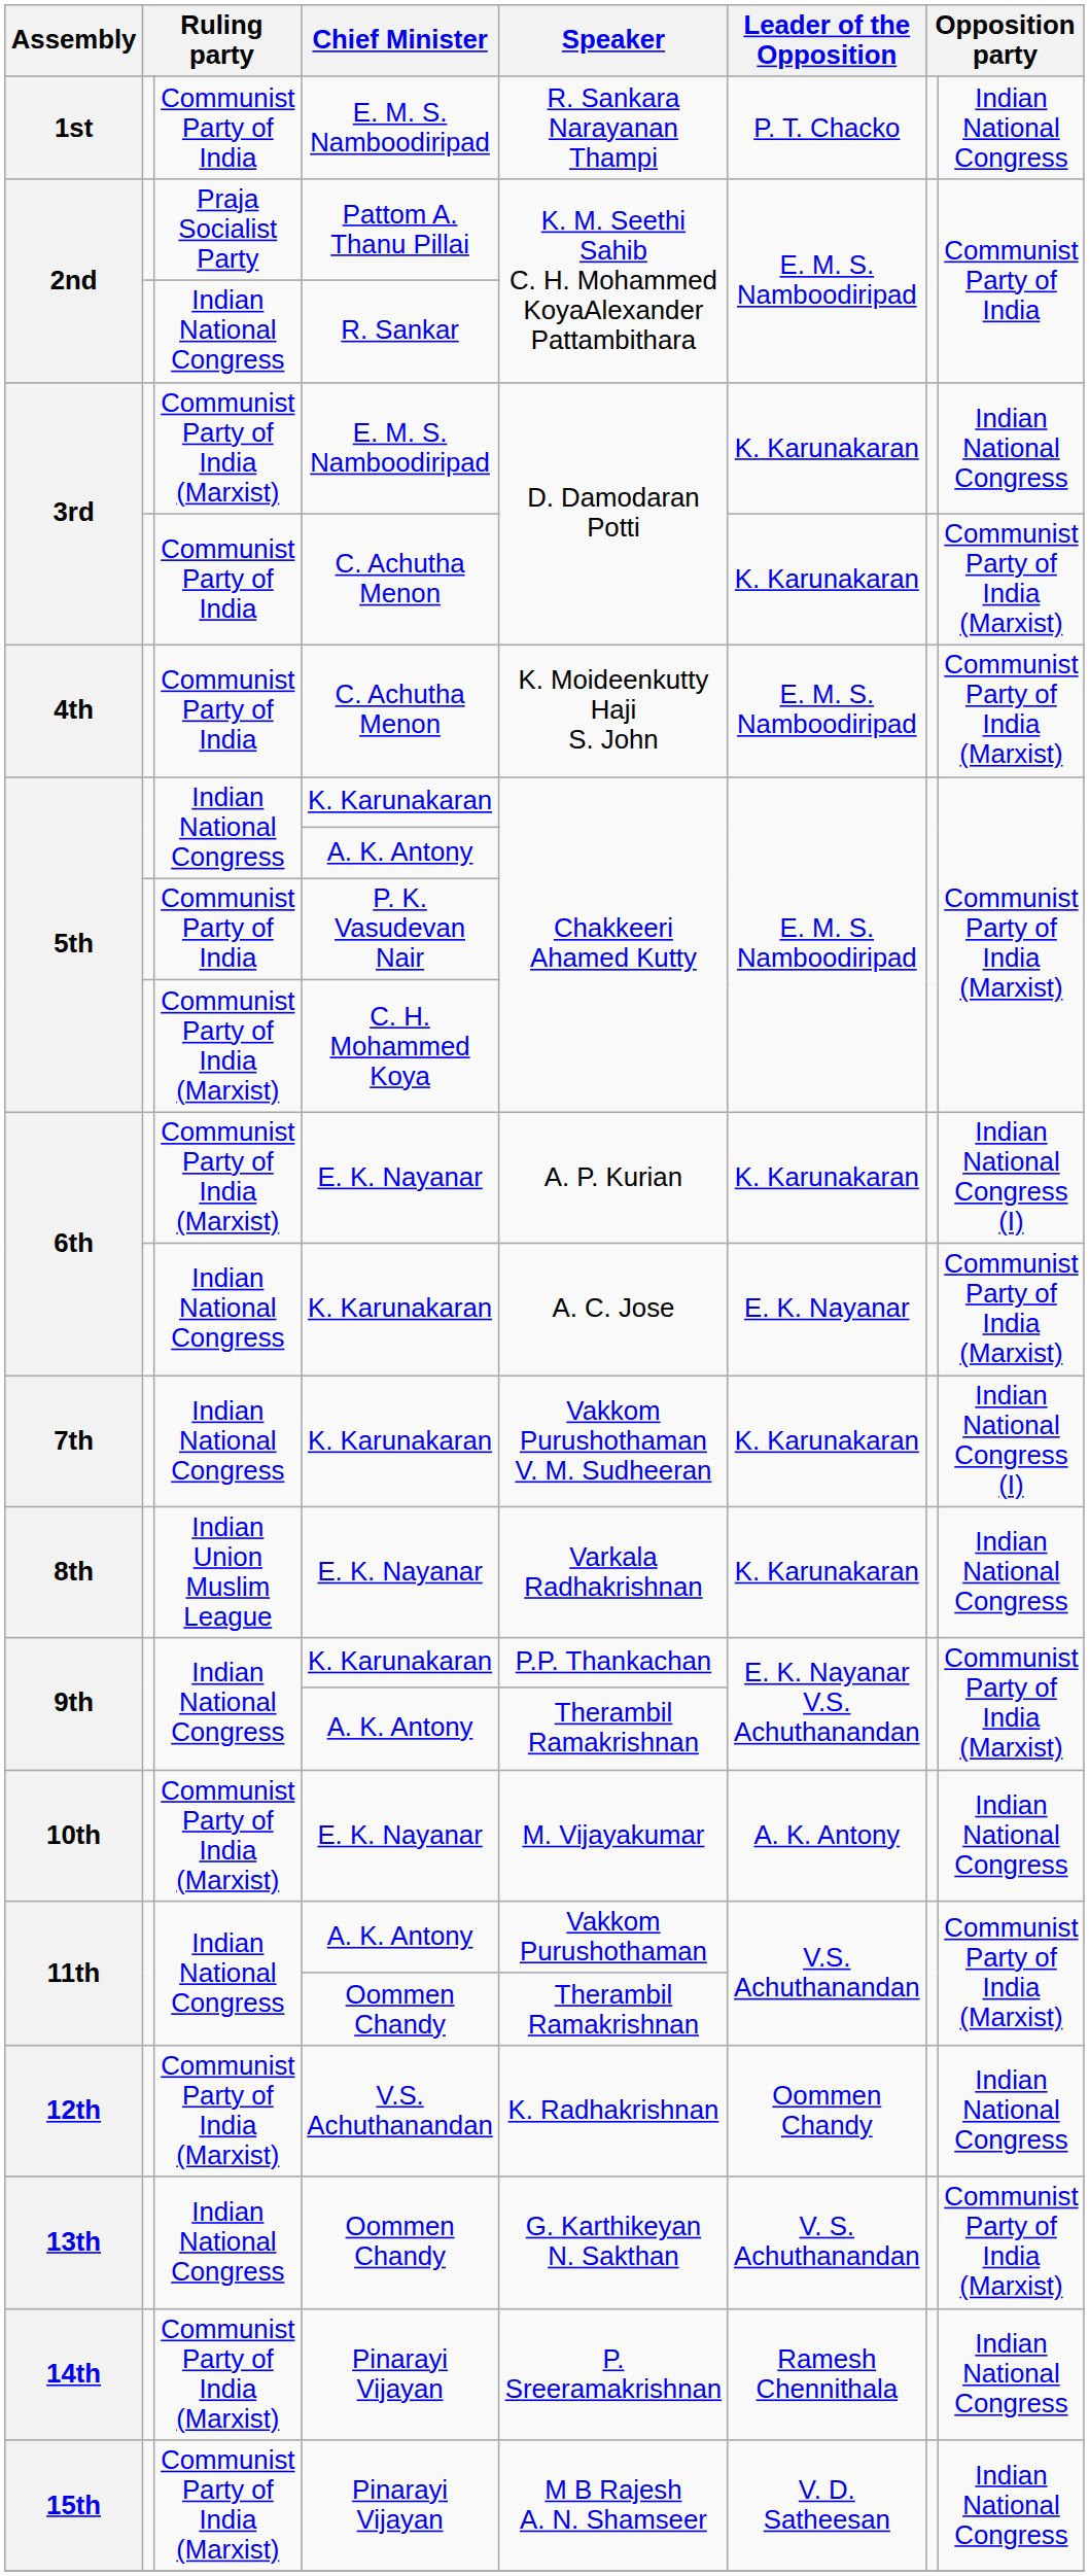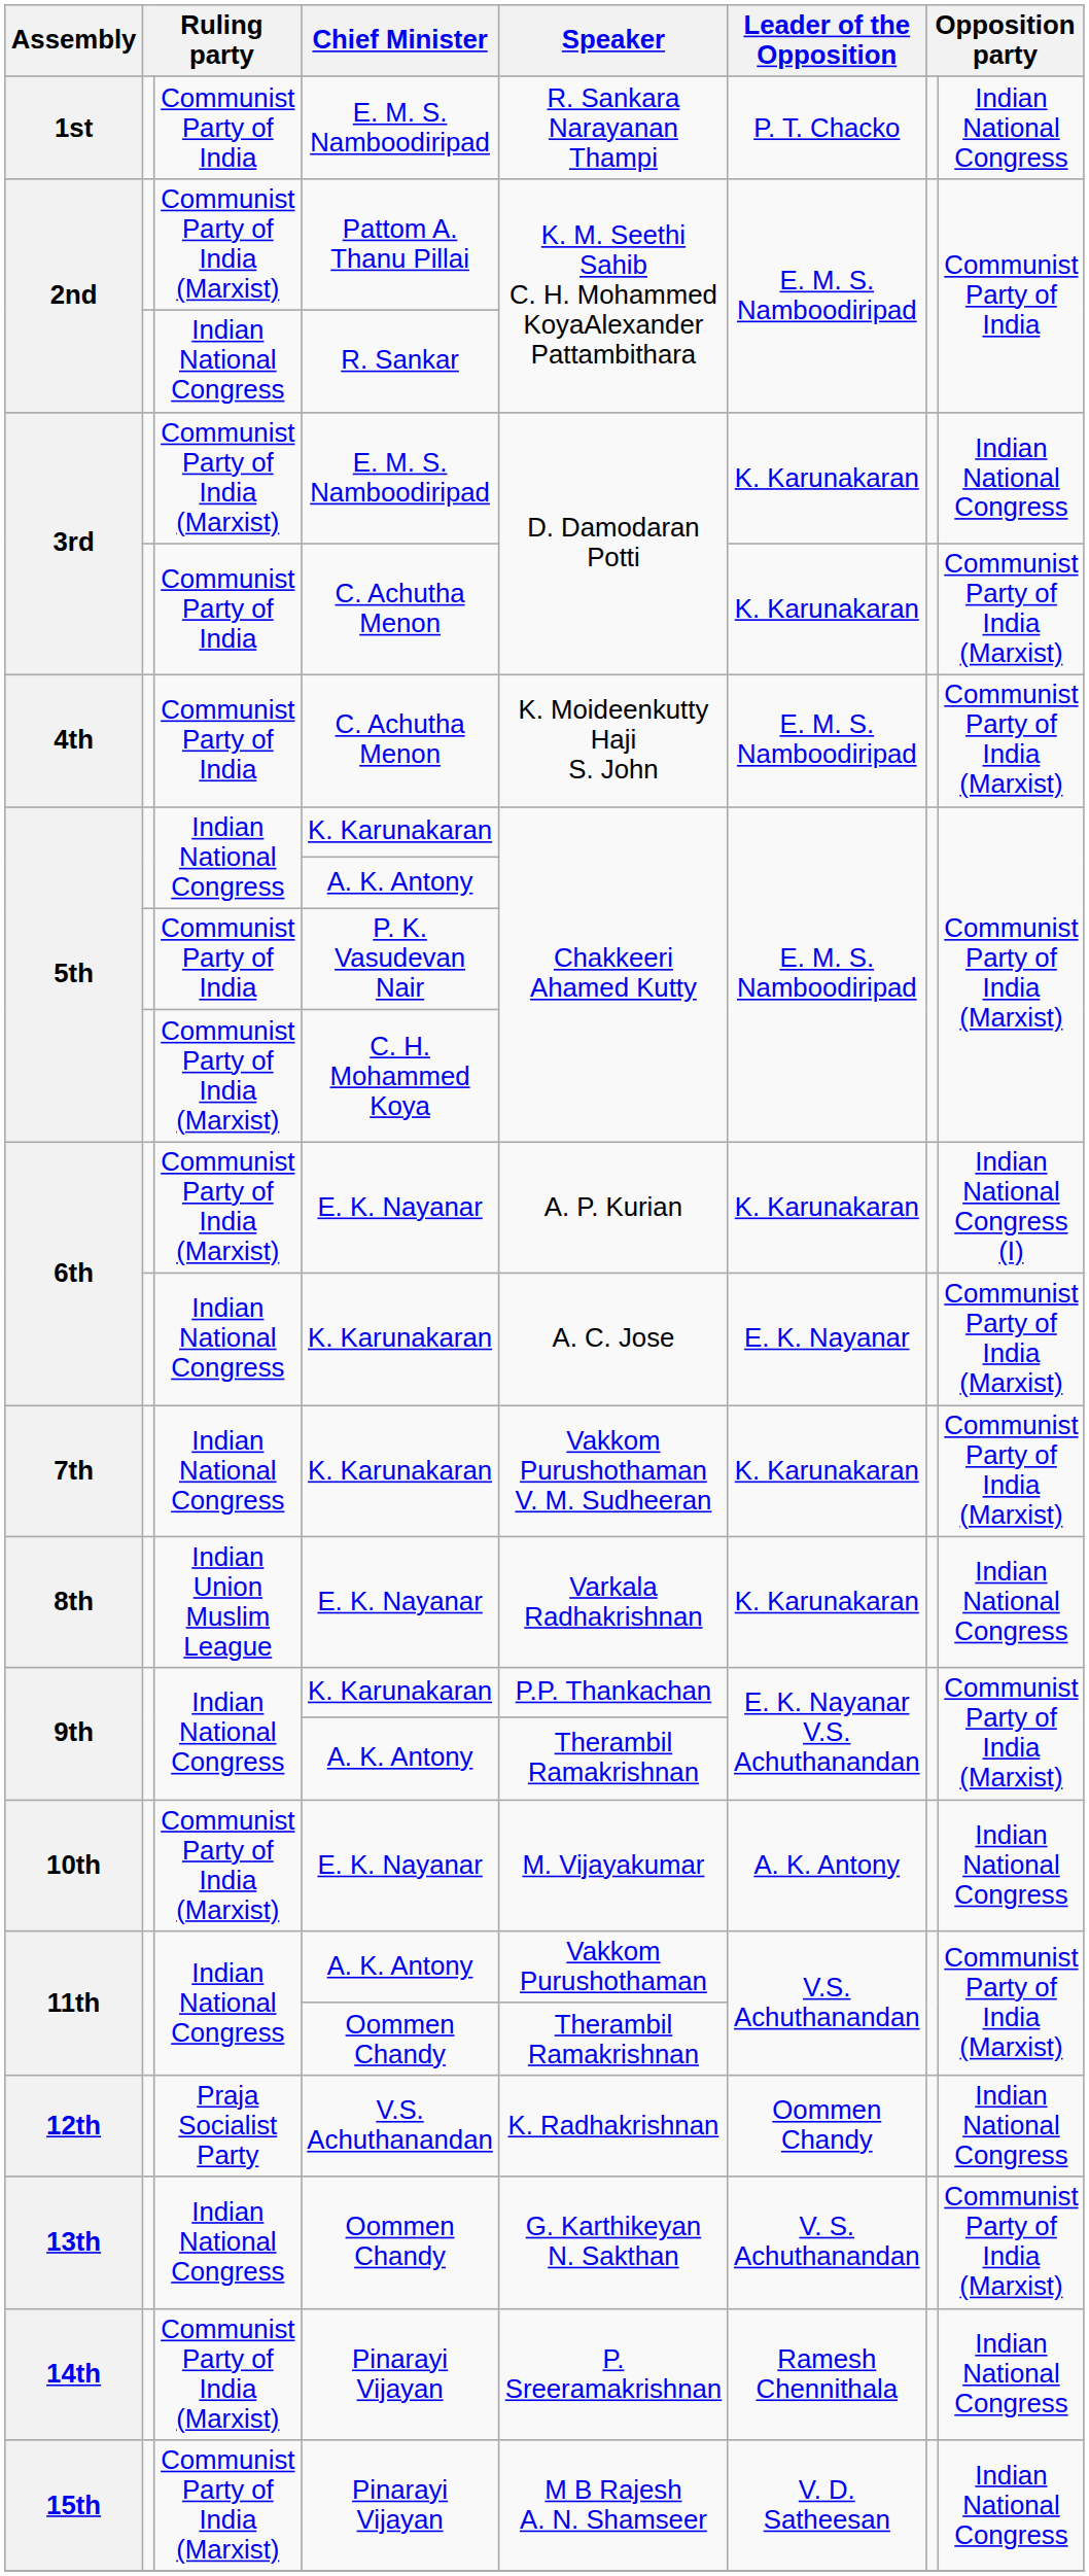 <table class="wikitable" style="text-align:center">
 <tr>
 <th>Assembly<br></th>
 <th colspan=2>Ruling party</th>
 <th><a href='#'>Chief Minister</a></th>
 <th><a href='#'>Speaker</a></th>
 <th><a href='#'>Leader of the Opposition</a></th>
 <th colspan=2>Opposition party</th>
 </tr>
 <tr>
 <th>1st <br></th>
 <td style="background:"></td>
 <td><a href='#'>Communist Party of India</a></td>
 <td><a href='#'>E. M. S. Namboodiripad</a></td>
 <td><a href='#'>R. Sankara Narayanan Thampi</a></td>
 <td><a href='#'>P. T. Chacko</a></td>
 <td style="background:"></td>
 <td><a href='#'>Indian National Congress</a></td>
 </tr>
 <tr>
 <th rowspan=2>2nd <br></th>
 <td style="background:"></td>
-<td><a href='#'>Praja Socialist Party</a></td>
+<td><a href='#'>Communist Party of India (Marxist)</a></td>
 <td><a href='#'>Pattom A. Thanu Pillai</a></td>
 <td rowspan=2><a href='#'>K. M. Seethi Sahib</a><br>C. H. Mohammed KoyaAlexander Pattambithara</td>
 <td rowspan=2><a href='#'>E. M. S. Namboodiripad</a></td>
 <td rowspan=2 style="background:"></td>
 <td rowspan=2><a href='#'>Communist Party of India</a></td>
 </tr>
 <tr>
 <td style="background:"></td>
 <td><a href='#'>Indian National Congress</a></td>
 <td><a href='#'>R. Sankar</a></td>
 </tr>
 <tr>
 <th rowspan=2>3rd <br></th>
 <td style="background:"></td>
 <td><a href='#'>Communist Party of India (Marxist)</a></td>
 <td><a href='#'>E. M. S. Namboodiripad</a></td>
 <td rowspan=2>D. Damodaran Potti</td>
 <td><a href='#'>K. Karunakaran</a></td>
 <td style="background:"></td>
 <td><a href='#'>Indian National Congress</a></td>
 </tr>
 <tr>
 <td style="background:"></td>
 <td><a href='#'>Communist Party of India</a></td>
 <td><a href='#'>C. Achutha Menon</a></td>
 <td><a href='#'>K. Karunakaran</a></td>
 <td style="background:"></td>
 <td><a href='#'>Communist Party of India (Marxist)</a></td>
 </tr>
 <tr>
 <th>4th <br></th>
 <td style="background:"></td>
 <td><a href='#'>Communist Party of India</a></td>
 <td><a href='#'>C. Achutha Menon</a></td>
 <td>K. Moideenkutty Haji<br>S. John</td>
 <td><a href='#'>E. M. S. Namboodiripad</a></td>
 <td style="background:"></td>
 <td><a href='#'>Communist Party of India (Marxist)</a></td>
 </tr>
 <tr>
 <th rowspan=4>5th <br></th>
 <td rowspan=2 style="background:"></td>
 <td rowspan=2><a href='#'>Indian National Congress</a></td>
 <td><a href='#'>K. Karunakaran</a></td>
 <td rowspan=4><a href='#'>Chakkeeri Ahamed Kutty</a></td>
 <td rowspan=4><a href='#'>E. M. S. Namboodiripad</a></td>
 <td rowspan=4 style="background:"></td>
 <td rowspan=4><a href='#'>Communist Party of India (Marxist)</a></td>
 </tr>
 <tr>
 <td><a href='#'>A. K. Antony</a></td>
 </tr>
 <tr>
 <td style="background:"></td>
 <td><a href='#'>Communist Party of India</a></td>
 <td><a href='#'>P. K. Vasudevan Nair</a></td>
 </tr>
 <tr>
 <td style="background:"></td>
 <td><a href='#'>Communist Party of India (Marxist)</a></td>
 <td><a href='#'>C. H. Mohammed Koya</a></td>
 </tr>
 <tr>
 <th rowspan=2>6th <br></th>
 <td style="background:"></td>
 <td><a href='#'>Communist Party of India (Marxist)</a></td>
 <td><a href='#'>E. K. Nayanar</a></td>
 <td>A. P. Kurian</td>
 <td><a href='#'>K. Karunakaran</a></td>
 <td style="background:"></td>
 <td><a href='#'>Indian National Congress (I)</a></td>
 </tr>
 <tr>
 <td style="background:"></td>
 <td><a href='#'>Indian National Congress</a></td>
 <td><a href='#'>K. Karunakaran</a></td>
 <td>A. C. Jose</td>
 <td><a href='#'>E. K. Nayanar</a></td>
 <td style="background:"></td>
 <td><a href='#'>Communist Party of India (Marxist)</a></td>
 </tr>
 <tr>
 <th>7th <br></th>
 <td style="background:"></td>
 <td><a href='#'>Indian National Congress</a></td>
 <td><a href='#'>K. Karunakaran</a></td>
 <td><a href='#'>Vakkom Purushothaman</a><br><a href='#'>V. M. Sudheeran</a></td>
 <td><a href='#'>K. Karunakaran</a></td>
 <td style="background:"></td>
-<td><a href='#'>Indian National Congress (I)</a></td>
+<td><a href='#'>Communist Party of India (Marxist)</a></td>
 </tr>
 <tr>
 <th>8th <br></th>
 <td style="background:"></td>
 <td><a href='#'>Indian Union Muslim League</a></td>
 <td><a href='#'>E. K. Nayanar</a></td>
 <td><a href='#'>Varkala Radhakrishnan</a></td>
 <td><a href='#'>K. Karunakaran</a></td>
 <td style="background:"></td>
 <td><a href='#'>Indian National Congress</a></td>
 </tr>
 <tr>
 <th rowspan=2>9th <br></th>
 <td rowspan=2 style="background:"></td>
 <td rowspan=2><a href='#'>Indian National Congress</a></td>
 <td><a href='#'>K. Karunakaran</a></td>
 <td><a href='#'>P.P. Thankachan</a></td>
 <td rowspan=2><a href='#'>E. K. Nayanar</a><br><a href='#'>V.S. Achuthanandan</a></td>
 <td rowspan=2 style="background:"></td>
 <td rowspan=2><a href='#'>Communist Party of India (Marxist)</a></td>
 </tr>
 <tr>
 <td><a href='#'>A. K. Antony</a></td>
 <td><a href='#'>Therambil Ramakrishnan</a></td>
 </tr>
 <tr>
 <th>10th <br></th>
 <td style="background:"></td>
 <td><a href='#'>Communist Party of India (Marxist)</a></td>
 <td><a href='#'>E. K. Nayanar</a></td>
 <td><a href='#'>M. Vijayakumar</a></td>
 <td><a href='#'>A. K. Antony</a></td>
 <td style="background:"></td>
 <td><a href='#'>Indian National Congress</a></td>
 </tr>
 <tr>
 <th rowspan=2>11th <br></th>
 <td rowspan=2 style="background:"></td>
 <td rowspan=2><a href='#'>Indian National Congress</a></td>
 <td><a href='#'>A. K. Antony</a></td>
 <td><a href='#'>Vakkom Purushothaman</a></td>
 <td rowspan=2><a href='#'>V.S. Achuthanandan</a></td>
 <td rowspan=2 style="background:"></td>
 <td rowspan=2><a href='#'>Communist Party of India (Marxist)</a></td>
 </tr>
 <tr>
 <td><a href='#'>Oommen Chandy</a></td>
 <td><a href='#'>Therambil Ramakrishnan</a></td>
 </tr>
 <tr>
 <th><a href='#'>12th</a> <br></th>
 <td style="background:"></td>
-<td><a href='#'>Communist Party of India (Marxist)</a></td>
+<td><a href='#'>Praja Socialist Party</a></td>
 <td><a href='#'>V.S. Achuthanandan</a></td>
 <td><a href='#'>K. Radhakrishnan</a></td>
 <td><a href='#'>Oommen Chandy</a></td>
 <td style="background:"></td>
 <td><a href='#'>Indian National Congress</a></td>
 </tr>
 <tr>
 <th><a href='#'>13th</a> <br></th>
 <td style="background:"></td>
 <td><a href='#'>Indian National Congress</a></td>
 <td><a href='#'>Oommen Chandy</a></td>
 <td><a href='#'>G. Karthikeyan</a><br><a href='#'>N. Sakthan</a></td>
 <td><a href='#'>V. S. Achuthanandan</a></td>
 <td style="background:"></td>
 <td><a href='#'>Communist Party of India (Marxist)</a></td>
 </tr>
 <tr>
 <th><a href='#'>14th</a> <br></th>
 <td style="background:"></td>
 <td><a href='#'>Communist Party of India (Marxist)</a></td>
 <td><a href='#'>Pinarayi Vijayan</a></td>
 <td><a href='#'>P. Sreeramakrishnan</a></td>
 <td><a href='#'>Ramesh Chennithala</a></td>
 <td style="background:"></td>
 <td><a href='#'>Indian National Congress</a></td>
 </tr>
 <tr>
 <th><a href='#'>15th</a> <br></th>
 <td style="background:"></td>
 <td><a href='#'>Communist Party of India (Marxist)</a></td>
 <td><a href='#'>Pinarayi Vijayan</a></td>
 <td><a href='#'>M B Rajesh</a><br><a href='#'>A. N. Shamseer</a></td>
 <td><a href='#'>V. D. Satheesan</a></td>
 <td style="background:"></td>
 <td><a href='#'>Indian National Congress</a></td>
 </tr>
 <tr>
 </tr>
 </table>
